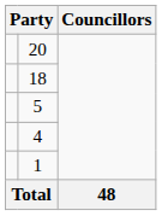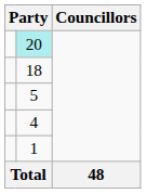 <table class="wikitable">
 <tr>
 <th colspan=2>Party</th>
 <th>Councillors</th>
 </tr>
 <tr>
 <td></td>
-<td align=center>20</td>
+<td align=center style="background: paleturquoise;">20</td>
 </tr>
 <tr>
 <td></td>
 <td align=center>18</td>
 </tr>
 <tr>
 <td></td>
 <td align=center>5</td>
 </tr>
 <tr>
 <td></td>
 <td align=center>4</td>
 </tr>
 <tr>
 <td></td>
 <td align=center>1</td>
 </tr>
 <tr>
 <th colspan=2>Total</th>
 <th align=center>48</th>
 </tr>
 </table>
